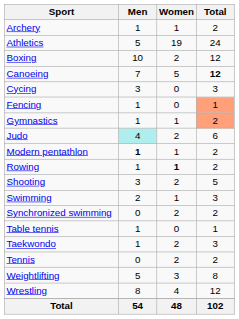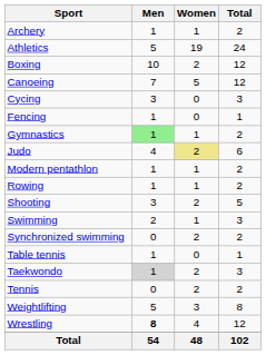 <table class="wikitable sortable" style="text-align:center;">
 <tr>
 <th width=180>Sport</th>
 <th width=55>Men</th>
 <th width=55>Women</th>
 <th width=55>Total</th>
 </tr>
 <tr>
 <td align=left><a href='#'>Archery</a></td>
 <td>1</td>
 <td>1</td>
 <td>2</td>
 </tr>
 <tr>
 <td align=left><a href='#'>Athletics</a></td>
 <td>5</td>
 <td>19</td>
 <td>24</td>
 </tr>
 <tr>
 <td align=left><a href='#'>Boxing</a></td>
 <td>10</td>
 <td>2</td>
 <td>12</td>
 </tr>
 <tr>
 <td align=left><a href='#'>Canoeing</a></td>
 <td>7</td>
 <td>5</td>
-<td><strong>12</strong></td>
+<td>12</td>
 </tr>
 <tr>
 <td align=left><a href='#'>Cycing</a></td>
 <td>3</td>
 <td>0</td>
 <td>3</td>
 </tr>
 <tr>
 <td align=left><a href='#'>Fencing</a></td>
 <td>1</td>
 <td>0</td>
-<td style="background: lightsalmon;">1</td>
+<td>1</td>
 </tr>
 <tr>
 <td align=left><a href='#'>Gymnastics</a></td>
+<td style="background: lightgreen;">1</td>
 <td>1</td>
-<td>1</td>
-<td style="background: lightsalmon;">2</td>
+<td>2</td>
 </tr>
 <tr>
 <td align=left><a href='#'>Judo</a></td>
-<td style="background: paleturquoise;">4</td>
-<td>2</td>
+<td>4</td>
+<td style="background: khaki;">2</td>
 <td>6</td>
 </tr>
 <tr>
 <td align=left><a href='#'>Modern pentathlon</a></td>
-<td><strong>1</strong></td>
+<td>1</td>
 <td>1</td>
 <td>2</td>
 </tr>
 <tr>
 <td align=left><a href='#'>Rowing</a></td>
 <td>1</td>
-<td><strong>1</strong></td>
+<td>1</td>
 <td>2</td>
 </tr>
 <tr>
 <td align=left><a href='#'>Shooting</a></td>
 <td>3</td>
 <td>2</td>
 <td>5</td>
 </tr>
 <tr>
 <td align=left><a href='#'>Swimming</a></td>
 <td>2</td>
 <td>1</td>
 <td>3</td>
 </tr>
 <tr>
 <td align=left><a href='#'>Synchronized swimming</a></td>
 <td>0</td>
 <td>2</td>
 <td>2</td>
 </tr>
 <tr>
 <td align=left><a href='#'>Table tennis</a></td>
 <td>1</td>
 <td>0</td>
 <td>1</td>
 </tr>
 <tr>
 <td align=left><a href='#'>Taekwondo</a></td>
-<td>1</td>
+<td style="background: lightgrey;">1</td>
 <td>2</td>
 <td>3</td>
 </tr>
 <tr>
 <td align=left><a href='#'>Tennis</a></td>
 <td>0</td>
 <td>2</td>
 <td>2</td>
 </tr>
 <tr>
 <td align=left><a href='#'>Weightlifting</a></td>
 <td>5</td>
 <td>3</td>
 <td>8</td>
 </tr>
 <tr>
 <td align=left><a href='#'>Wrestling</a></td>
-<td>8</td>
+<td><strong>8</strong></td>
 <td>4</td>
 <td>12</td>
 </tr>
 <tr>
 </tr>
 <tr class="sortbottom">
 <th>Total</th>
 <th>54</th>
 <th>48</th>
 <th>102</th>
 </tr>
 </table>
